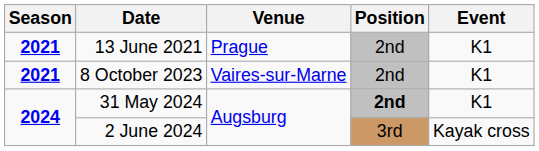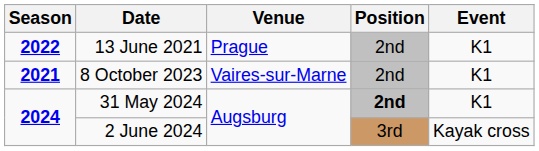 <table class="wikitable" style="text-align:center">
 <tr>
 <th>Season</th>
 <th>Date</th>
 <th>Venue</th>
 <th>Position</th>
 <th>Event</th>
 </tr>
 <tr>
-<td><strong><a href='#'>2021</a></strong></td>
+<td><strong><a href='#'>2022</a></strong></td>
 <td align=right>13 June 2021</td>
 <td align=left><a href='#'>Prague</a></td>
 <td bgcolor=silver>2nd</td>
 <td>K1</td>
 </tr>
 <tr>
 <td><strong><a href='#'>2021</a></strong></td>
 <td align=right>8 October 2023</td>
 <td align=left><a href='#'>Vaires-sur-Marne</a></td>
 <td bgcolor=silver>2nd</td>
 <td>K1</td>
 </tr>
 <tr>
 <td rowspan=2><strong><a href='#'>2024</a></strong></td>
 <td align=right>31 May 2024</td>
 <td align=left rowspan=2><a href='#'>Augsburg</a></td>
 <td bgcolor=silver><strong>2nd</strong></td>
 <td>K1</td>
 </tr>
 <tr>
 <td align=right>2 June 2024</td>
 <td bgcolor=cc9966>3rd</td>
 <td>Kayak cross</td>
 </tr>
 </table>
